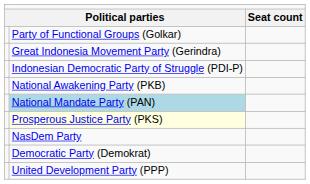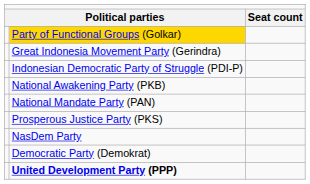 <table class="wikitable">
 <tr>
 <td colspan="4"></td>
 </tr>
 <tr>
 <th colspan="2">Political parties</th>
 <th>Seat count</th>
 </tr>
 <tr>
 <td bgcolor=></td>
-<td><a href='#'>Party of Functional Groups</a> (Golkar)</td>
+<td style="background: gold;"><a href='#'>Party of Functional Groups</a> (Golkar)</td>
 <td></td>
 </tr>
 <tr>
 <td bgcolor=></td>
 <td><a href='#'>Great Indonesia Movement Party</a> (Gerindra)</td>
 <td></td>
 </tr>
 <tr>
 <td bgcolor=></td>
 <td><a href='#'>Indonesian Democratic Party of Struggle</a> (PDI-P)</td>
 <td></td>
 </tr>
 <tr>
 <td bgcolor=></td>
 <td><a href='#'>National Awakening Party</a> (PKB)</td>
 <td></td>
 </tr>
 <tr>
 <td bgcolor=></td>
-<td style="background: lightblue;"><a href='#'>National Mandate Party</a> (PAN)</td>
+<td><a href='#'>National Mandate Party</a> (PAN)</td>
 <td></td>
 </tr>
 <tr>
 <td bgcolor=></td>
-<td style="background: lightyellow;"><a href='#'>Prosperous Justice Party</a> (PKS)</td>
+<td><a href='#'>Prosperous Justice Party</a> (PKS)</td>
 <td></td>
 </tr>
 <tr>
 <td bgcolor=></td>
 <td><a href='#'>NasDem Party</a></td>
 <td></td>
 </tr>
 <tr>
 <td bgcolor=></td>
 <td><a href='#'>Democratic Party</a> (Demokrat)</td>
 <td></td>
 </tr>
 <tr>
 <td bgcolor=></td>
-<td><a href='#'>United Development Party</a> (PPP)</td>
+<td><strong><a href='#'>United Development Party</a> (PPP)</strong></td>
 <td></td>
 </tr>
 </table>
